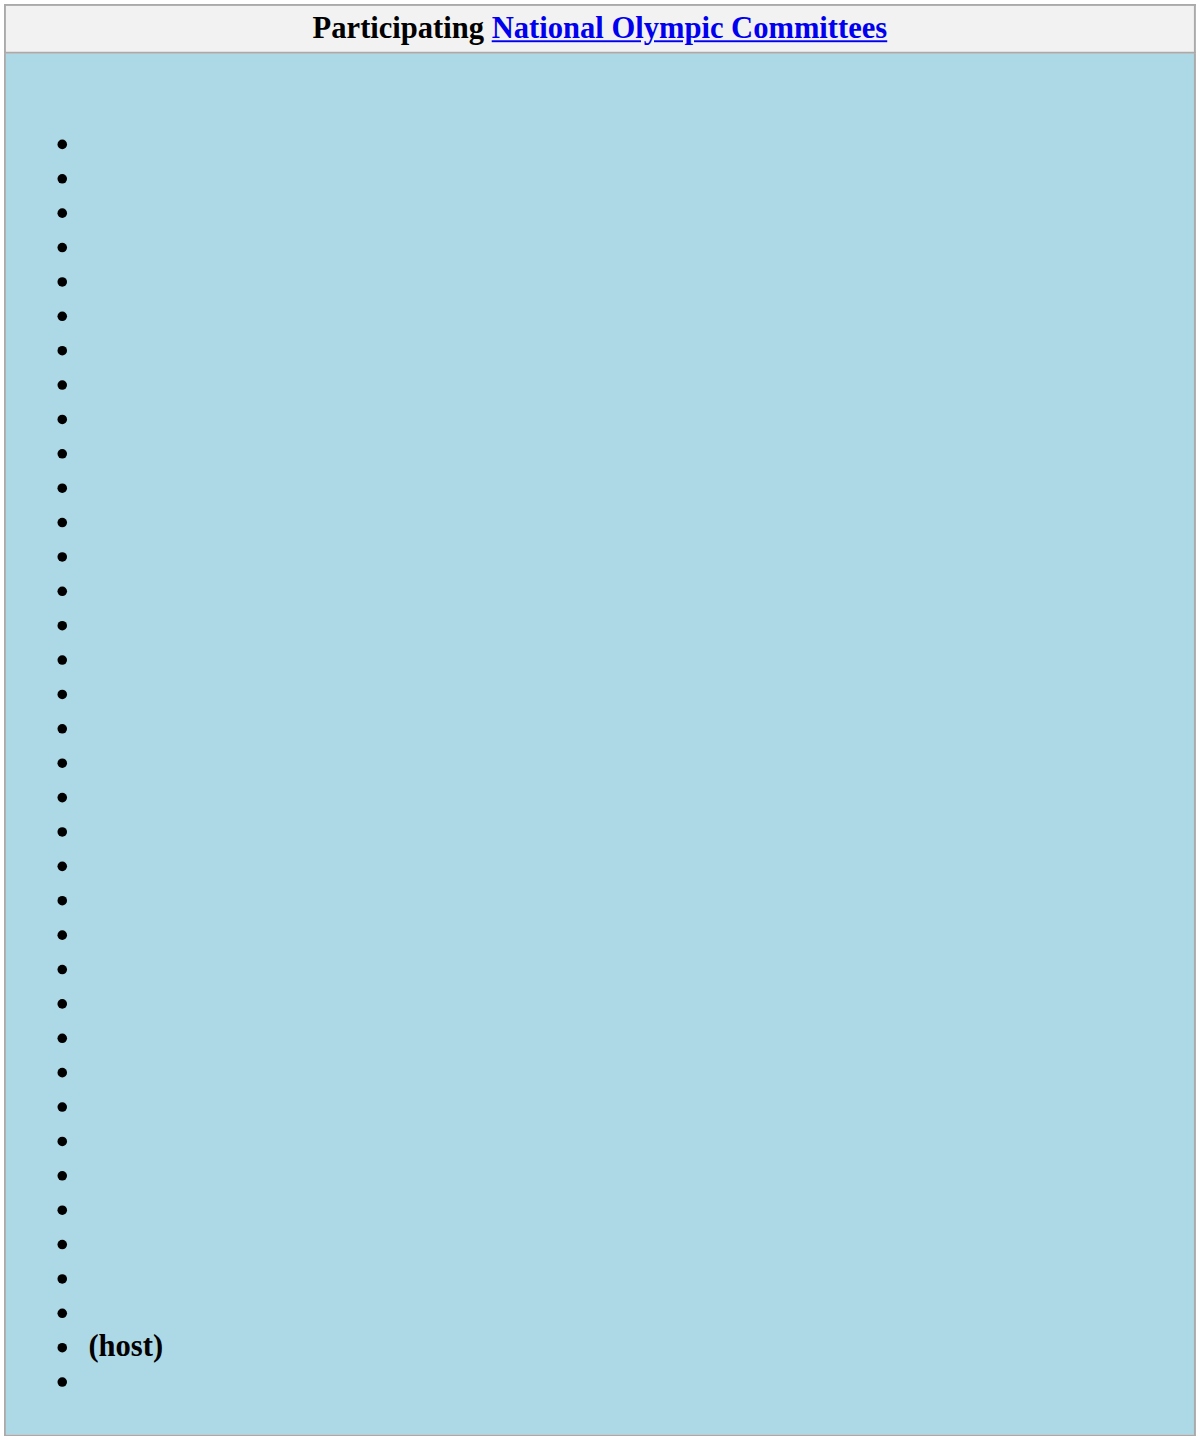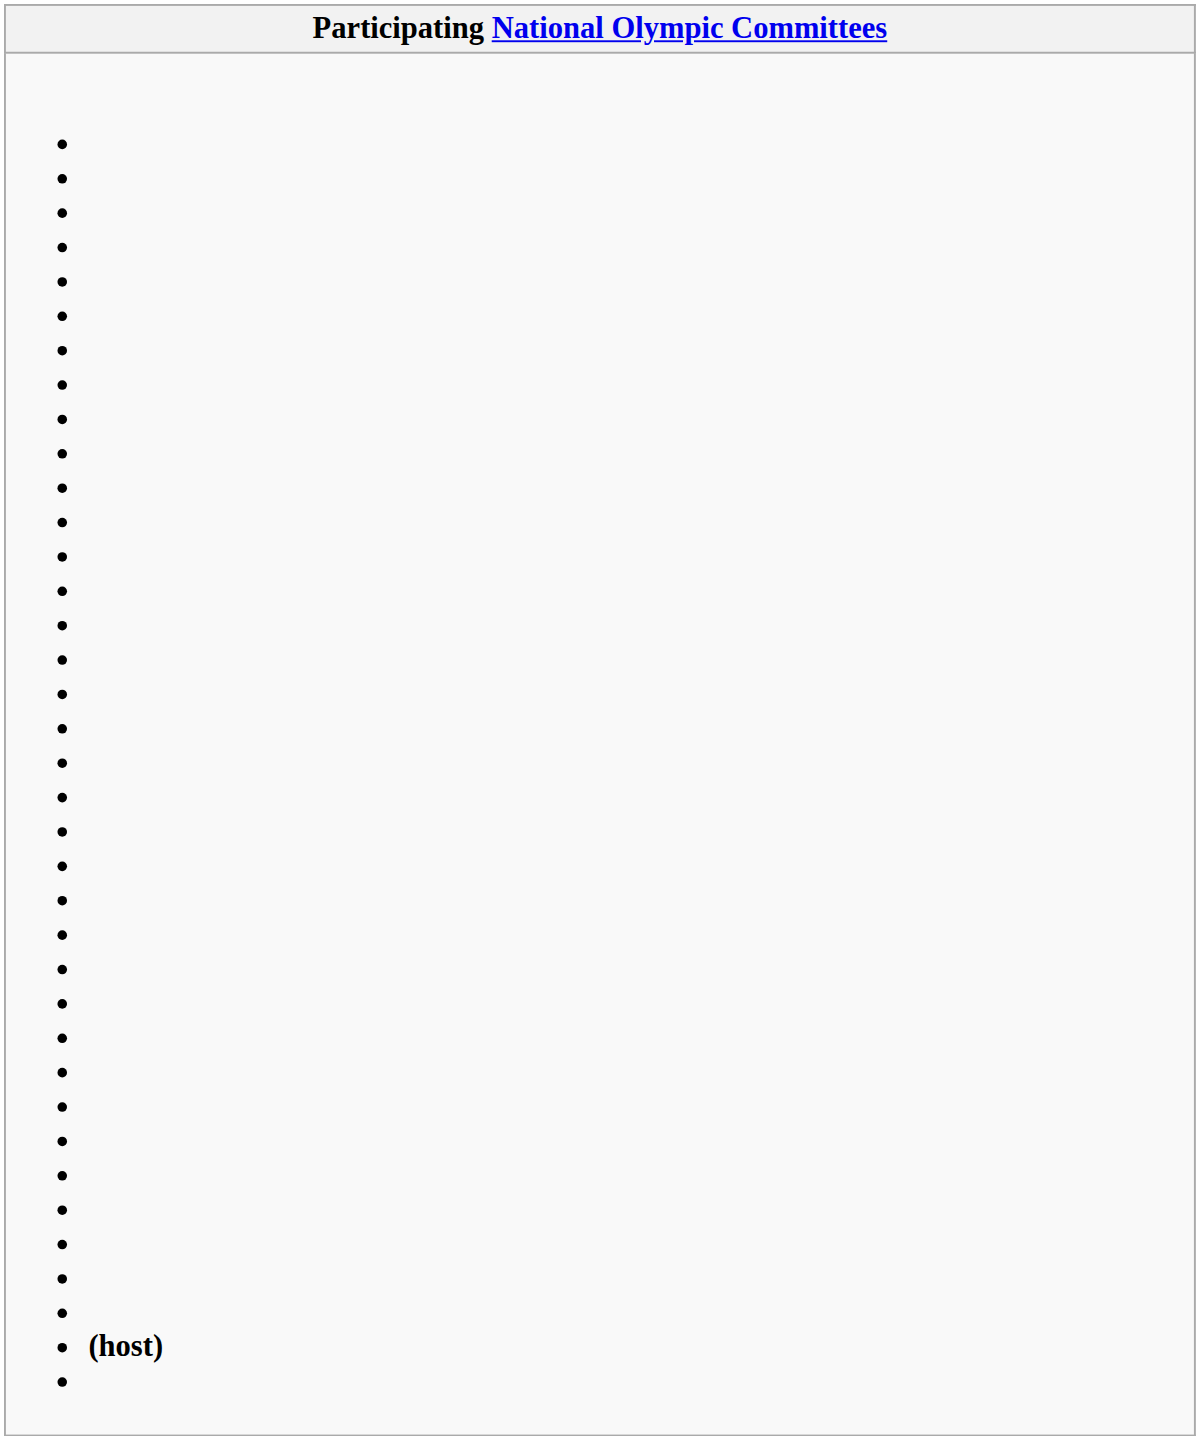 <table class="wikitable collapsible" style="width:100%;">
 <tr>
 <th>Participating <a href='#'>National Olympic Committees</a></th>
 </tr>
 <tr>
-<td style="background: lightblue;"><br><ul><li></li><li></li><li></li><li></li><li></li><li></li><li></li><li></li><li></li><li></li><li></li><li></li><li></li><li></li><li></li><li></li><li></li><li></li><li></li><li></li><li></li><li></li><li></li><li></li><li></li><li></li><li></li><li></li><li></li><li></li><li></li><li></li><li></li><li></li><li></li><li> <strong>(host)</strong></li><li></li></ul></td>
+<td><br><ul><li></li><li></li><li></li><li></li><li></li><li></li><li></li><li></li><li></li><li></li><li></li><li></li><li></li><li></li><li></li><li></li><li></li><li></li><li></li><li></li><li></li><li></li><li></li><li></li><li></li><li></li><li></li><li></li><li></li><li></li><li></li><li></li><li></li><li></li><li></li><li> <strong>(host)</strong></li><li></li></ul></td>
 </tr>
 </table>
